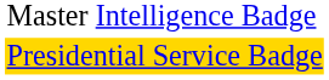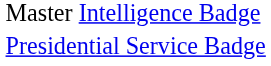 <table>
 <tr>
 <td> Master <a href='#'>Intelligence Badge</a></td>
 </tr>
 <tr>
-<td style="background: gold;"> <a href='#'>Presidential Service Badge</a></td>
+<td> <a href='#'>Presidential Service Badge</a></td>
 </tr>
 </table>
